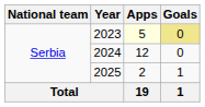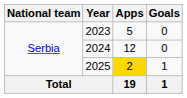 <table class="wikitable" style="text-align:center">
 <tr>
 <th>National team</th>
 <th>Year</th>
 <th>Apps</th>
 <th>Goals</th>
 </tr>
 <tr>
 <td rowspan="3"><a href='#'>Serbia</a></td>
 <td>2023</td>
-<td style="background: lightyellow;">5</td>
-<td style="background: khaki;">0</td>
+<td>5</td>
+<td>0</td>
 </tr>
 <tr>
 <td>2024</td>
 <td>12</td>
 <td>0</td>
 </tr>
 <tr>
 <td>2025</td>
-<td>2</td>
+<td style="background: gold;">2</td>
 <td>1</td>
 </tr>
 <tr>
 <th colspan="2">Total</th>
 <th>19</th>
 <th>1</th>
 </tr>
 </table>
